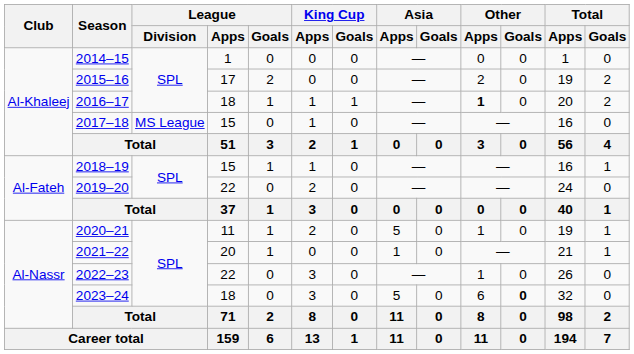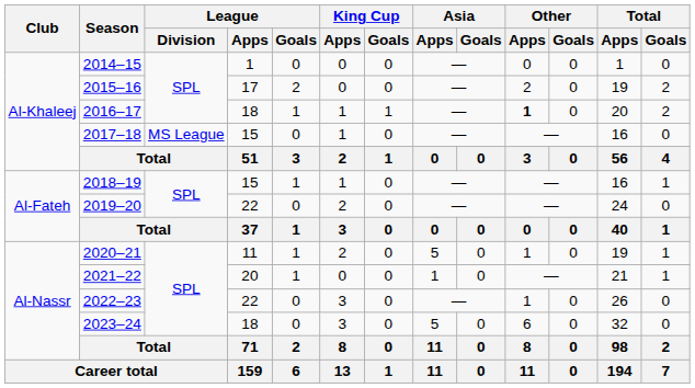 <table class=wikitable style=text-align:center>
 <tr>
 <th rowspan="2">Club</th>
 <th rowspan="2">Season</th>
 <th colspan="3">League</th>
 <th colspan="2"><a href='#'>King Cup</a></th>
 <th colspan="2">Asia</th>
 <th colspan="2">Other</th>
 <th colspan="2">Total</th>
 </tr>
 <tr>
 <th>Division</th>
 <th>Apps</th>
 <th>Goals</th>
 <th>Apps</th>
 <th>Goals</th>
 <th>Apps</th>
 <th>Goals</th>
 <th>Apps</th>
 <th>Goals</th>
 <th>Apps</th>
 <th>Goals</th>
 </tr>
 <tr>
 <td rowspan="5"><a href='#'>Al-Khaleej</a></td>
 <td><a href='#'>2014–15</a></td>
 <td rowspan="3"><a href='#'>SPL</a></td>
 <td>1</td>
 <td>0</td>
 <td>0</td>
 <td>0</td>
 <td colspan="2">—</td>
 <td>0</td>
 <td>0</td>
 <td>1</td>
 <td>0</td>
 </tr>
 <tr>
 <td><a href='#'>2015–16</a></td>
 <td>17</td>
 <td>2</td>
 <td>0</td>
 <td>0</td>
 <td colspan="2">—</td>
 <td>2</td>
 <td>0</td>
 <td>19</td>
 <td>2</td>
 </tr>
 <tr>
 <td><a href='#'>2016–17</a></td>
 <td>18</td>
 <td>1</td>
 <td>1</td>
 <td>1</td>
 <td colspan="2">—</td>
 <td><strong>1</strong></td>
 <td>0</td>
 <td>20</td>
 <td>2</td>
 </tr>
 <tr>
 <td><a href='#'>2017–18</a></td>
 <td><a href='#'>MS League</a></td>
 <td>15</td>
 <td>0</td>
 <td>1</td>
 <td>0</td>
 <td colspan="2">—</td>
 <td colspan="2">—</td>
 <td>16</td>
 <td>0</td>
 </tr>
 <tr>
 <th colspan="2">Total</th>
 <th>51</th>
 <th>3</th>
 <th>2</th>
 <th>1</th>
 <th>0</th>
 <th>0</th>
 <th>3</th>
 <th>0</th>
 <th>56</th>
 <th>4</th>
 </tr>
 <tr>
 <td rowspan="3"><a href='#'>Al-Fateh</a></td>
 <td><a href='#'>2018–19</a></td>
 <td rowspan="2"><a href='#'>SPL</a></td>
 <td>15</td>
 <td>1</td>
 <td>1</td>
 <td>0</td>
 <td colspan="2">—</td>
 <td colspan="2">—</td>
 <td>16</td>
 <td>1</td>
 </tr>
 <tr>
 <td><a href='#'>2019–20</a></td>
 <td>22</td>
 <td>0</td>
 <td>2</td>
 <td>0</td>
 <td colspan="2">—</td>
 <td colspan="2">—</td>
 <td>24</td>
 <td>0</td>
 </tr>
 <tr>
 <th colspan="2">Total</th>
 <th>37</th>
 <th>1</th>
 <th>3</th>
 <th>0</th>
 <th>0</th>
 <th>0</th>
 <th>0</th>
 <th>0</th>
 <th>40</th>
 <th>1</th>
 </tr>
 <tr>
 <td rowspan=5><a href='#'>Al-Nassr</a></td>
 <td><a href='#'>2020–21</a></td>
 <td rowspan=4><a href='#'>SPL</a></td>
 <td>11</td>
 <td>1</td>
 <td>2</td>
 <td>0</td>
 <td>5</td>
 <td>0</td>
 <td>1</td>
 <td>0</td>
 <td>19</td>
 <td>1</td>
 </tr>
 <tr>
 <td><a href='#'>2021–22</a></td>
 <td>20</td>
 <td>1</td>
 <td>0</td>
 <td>0</td>
 <td>1</td>
 <td>0</td>
 <td colspan="2">—</td>
 <td>21</td>
 <td>1</td>
 </tr>
 <tr>
 <td><a href='#'>2022–23</a></td>
 <td>22</td>
 <td>0</td>
 <td>3</td>
 <td>0</td>
 <td colspan="2">—</td>
 <td>1</td>
 <td>0</td>
 <td>26</td>
 <td>0</td>
 </tr>
 <tr>
 <td><a href='#'>2023–24</a></td>
 <td>18</td>
 <td>0</td>
 <td>3</td>
 <td>0</td>
 <td>5</td>
 <td>0</td>
 <td>6</td>
-<td><strong>0</strong></td>
+<td>0</td>
 <td>32</td>
 <td>0</td>
 </tr>
 <tr>
 <th colspan="2">Total</th>
 <th>71</th>
 <th>2</th>
 <th>8</th>
 <th>0</th>
 <th>11</th>
 <th>0</th>
 <th>8</th>
 <th>0</th>
 <th>98</th>
 <th>2</th>
 </tr>
 <tr>
 <th colspan="3">Career total</th>
 <th>159</th>
 <th>6</th>
 <th>13</th>
 <th>1</th>
 <th>11</th>
 <th>0</th>
 <th>11</th>
 <th>0</th>
 <th>194</th>
 <th>7</th>
 </tr>
 </table>
